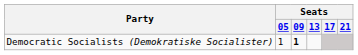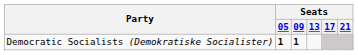 <table class="wikitable">
 <tr>
 <th rowspan="2">Party</th>
 <th colspan="11">Seats</th>
 </tr>
 <tr>
 <th><a href='#'>05</a></th>
 <th><a href='#'>09</a></th>
 <th><a href='#'>13</a></th>
 <th><a href='#'>17</a></th>
 <th><a href='#'>21</a></th>
 </tr>
 <tr>
 <td>Democratic Socialists <em>(Demokratiske Socialister)</em></td>
-<td>1</td>
+<td><strong>1</strong></td>
 <td><strong>1</strong></td>
 <td></td>
 <td style="background:#CDC9C9;" colspan=2></td>
 </tr>
 </table>
